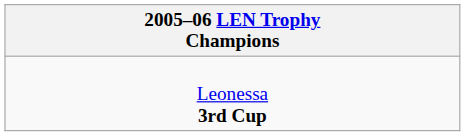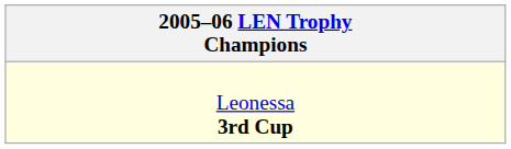 <table class="wikitable" style="margin: 0 auto; width: 30%;">
 <tr>
 <th>2005–06 <a href='#'>LEN Trophy</a><br>Champions</th>
 </tr>
 <tr>
-<td align=center><br><a href='#'>Leonessa</a><br><strong>3rd Cup</strong></td>
+<td align=center style="background: lightyellow;"><br><a href='#'>Leonessa</a><br><strong>3rd Cup</strong></td>
 </tr>
 </table>
